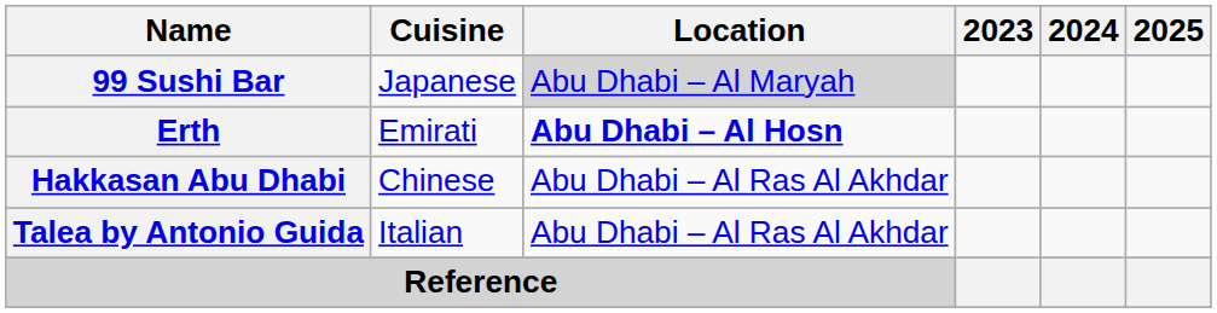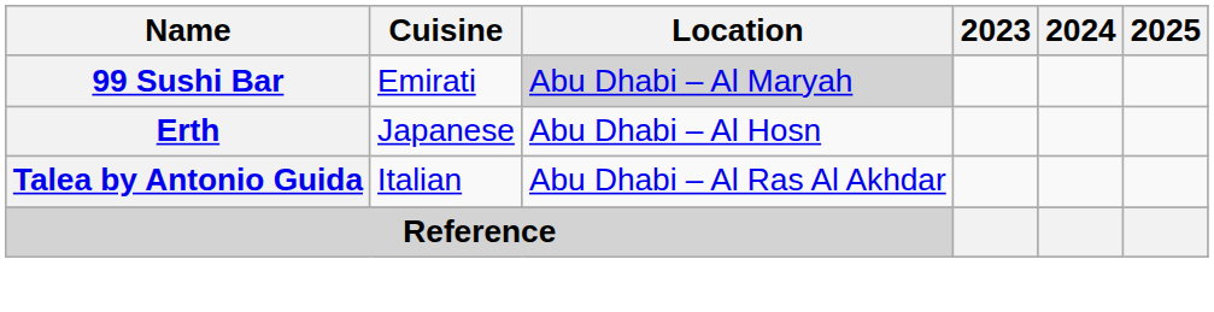 <table class="wikitable sortable plainrowheaders" style="text-align:left;"">
 <tr>
 <th scope="col">Name</th>
 <th scope="col">Cuisine</th>
 <th scope="col">Location</th>
 <th scope="col">2023</th>
 <th scope="col">2024</th>
 <th scope="col">2025</th>
 </tr>
 <tr>
 <th scope="row"><a href='#'>99 Sushi Bar</a></th>
-<td><a href='#'>Japanese</a></td>
+<td><a href='#'>Emirati</a></td>
 <td style="background: lightgrey;"><a href='#'>Abu Dhabi – Al Maryah</a></td>
 <td></td>
 <td></td>
 <td></td>
 </tr>
 <tr>
 <th scope="row"><a href='#'>Erth</a></th>
-<td><a href='#'>Emirati</a></td>
-<td><strong><a href='#'>Abu Dhabi – Al Hosn</a></strong></td>
-<td></td>
-<td></td>
-<td></td>
-</tr>
-<tr>
-<th scope="row"><a href='#'>Hakkasan Abu Dhabi</a></th>
-<td><a href='#'>Chinese</a></td>
-<td><a href='#'>Abu Dhabi – Al Ras Al Akhdar</a></td>
+<td><a href='#'>Japanese</a></td>
+<td><a href='#'>Abu Dhabi – Al Hosn</a></td>
 <td></td>
 <td></td>
 <td></td>
 </tr>
 <tr>
 <th scope="row"><a href='#'>Talea by Antonio Guida</a></th>
 <td><a href='#'>Italian</a></td>
 <td><a href='#'>Abu Dhabi – Al Ras Al Akhdar</a></td>
 <td></td>
 <td></td>
 <td></td>
 </tr>
 <tr>
 <th colspan="3" style="text-align: center;background: lightgray;">Reference</th>
 <th></th>
 <th></th>
 <th></th>
 </tr>
 </table>
